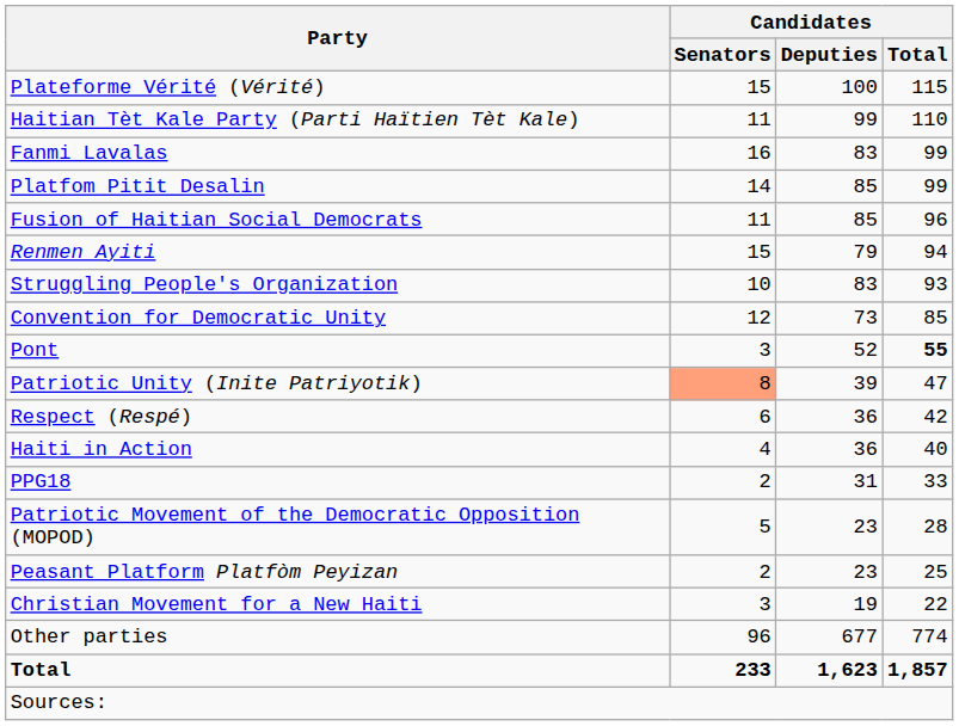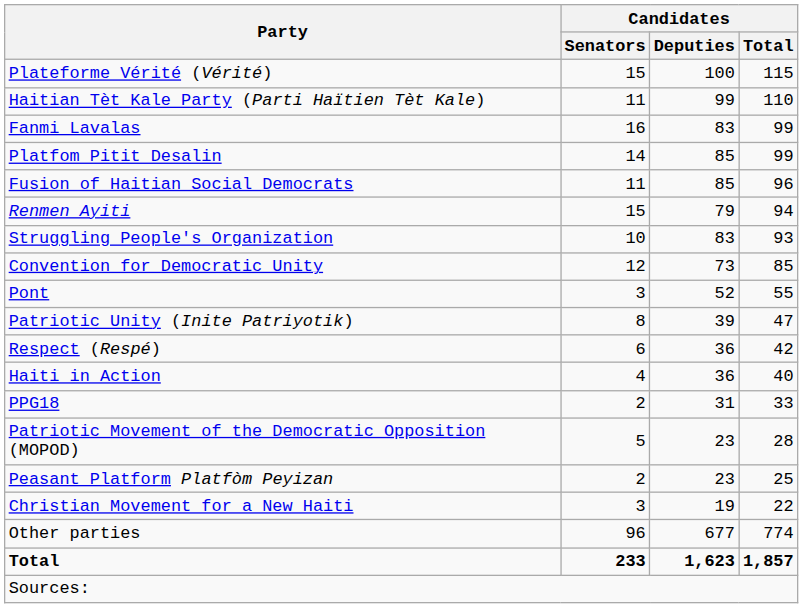 <table class=wikitable>
 <tr>
 <th rowspan=2>Party</th>
 <th colspan=3>Candidates</th>
 </tr>
 <tr>
 <th>Senators</th>
 <th>Deputies</th>
 <th>Total</th>
 </tr>
 <tr>
 <td><a href='#'>Plateforme Vérité</a> (<em>Vérité</em>)</td>
 <td align=right>15</td>
 <td align=right>100</td>
 <td align=right>115</td>
 </tr>
 <tr>
 <td><a href='#'>Haitian Tèt Kale Party</a> (<em>Parti Haïtien Tèt Kale</em>)</td>
 <td align=right>11</td>
 <td align=right>99</td>
 <td align=right>110</td>
 </tr>
 <tr>
 <td><a href='#'>Fanmi Lavalas</a></td>
 <td align=right>16</td>
 <td align=right>83</td>
 <td align=right>99</td>
 </tr>
 <tr>
 <td><a href='#'>Platfom Pitit Desalin</a></td>
 <td align=right>14</td>
 <td align=right>85</td>
 <td align=right>99</td>
 </tr>
 <tr>
 <td><a href='#'>Fusion of Haitian Social Democrats</a></td>
 <td align=right>11</td>
 <td align=right>85</td>
 <td align=right>96</td>
 </tr>
 <tr>
 <td><em><a href='#'>Renmen Ayiti</a></em></td>
 <td align=right>15</td>
 <td align=right>79</td>
 <td align=right>94</td>
 </tr>
 <tr>
 <td><a href='#'>Struggling People's Organization</a></td>
 <td align=right>10</td>
 <td align=right>83</td>
 <td align=right>93</td>
 </tr>
 <tr>
 <td><a href='#'>Convention for Democratic Unity</a></td>
 <td align=right>12</td>
 <td align=right>73</td>
 <td align=right>85</td>
 </tr>
 <tr>
 <td><a href='#'>Pont</a></td>
 <td align=right>3</td>
 <td align=right>52</td>
-<td align=right><strong>55</strong></td>
+<td align=right>55</td>
 </tr>
 <tr>
 <td><a href='#'>Patriotic Unity</a> (<em>Inite Patriyotik</em>)</td>
-<td align=right style="background: lightsalmon;">8</td>
+<td align=right>8</td>
 <td align=right>39</td>
 <td align=right>47</td>
 </tr>
 <tr>
 <td><a href='#'>Respect</a> (<em>Respé</em>)</td>
 <td align=right>6</td>
 <td align=right>36</td>
 <td align=right>42</td>
 </tr>
 <tr>
 <td><a href='#'>Haiti in Action</a></td>
 <td align=right>4</td>
 <td align=right>36</td>
 <td align=right>40</td>
 </tr>
 <tr>
 <td><a href='#'>PPG18</a></td>
 <td align=right>2</td>
 <td align=right>31</td>
 <td align=right>33</td>
 </tr>
 <tr>
 <td><a href='#'>Patriotic Movement of the Democratic Opposition</a> (MOPOD)</td>
 <td align=right>5</td>
 <td align=right>23</td>
 <td align=right>28</td>
 </tr>
 <tr>
 <td><a href='#'>Peasant Platform</a> <em>Platfòm Peyizan</em></td>
 <td align=right>2</td>
 <td align=right>23</td>
 <td align=right>25</td>
 </tr>
 <tr>
 <td><a href='#'>Christian Movement for a New Haiti</a></td>
 <td align=right>3</td>
 <td align=right>19</td>
 <td align=right>22</td>
 </tr>
 <tr>
 <td>Other parties</td>
 <td align=right>96</td>
 <td align=right>677</td>
 <td align=right>774</td>
 </tr>
 <tr>
 <td><strong>Total</strong></td>
 <td align=right><strong>233</strong></td>
 <td align=right><strong>1,623</strong></td>
 <td align=right><strong>1,857</strong></td>
 </tr>
 <tr>
 <td colspan=4>Sources:   </td>
 </tr>
 </table>
